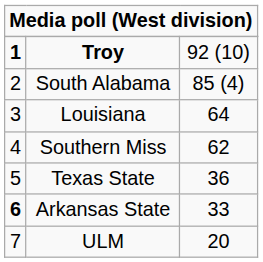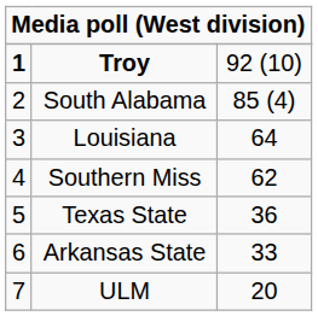 <table class="wikitable" style="display: inline-table;">
 <tr>
 <td align="center" Colspan="3"><strong>Media poll (West division)</strong></td>
 </tr>
 <tr align="center">
 </tr>
 <tr align="center">
 <td><strong>1</strong></td>
 <td><strong>Troy</strong></td>
 <td>92 (10)</td>
 </tr>
 <tr align="center">
 <td>2</td>
 <td>South Alabama</td>
 <td>85 (4)</td>
 </tr>
 <tr align="center">
 <td>3</td>
 <td>Louisiana</td>
 <td>64</td>
 </tr>
 <tr align="center">
 <td>4</td>
 <td>Southern Miss</td>
 <td>62</td>
 </tr>
 <tr align="center">
 <td>5</td>
 <td>Texas State</td>
 <td>36</td>
 </tr>
 <tr align="center">
-<td><strong>6</strong></td>
+<td>6</td>
 <td>Arkansas State</td>
 <td>33</td>
 </tr>
 <tr align="center">
 <td>7</td>
 <td>ULM</td>
 <td>20</td>
 </tr>
 </table>
